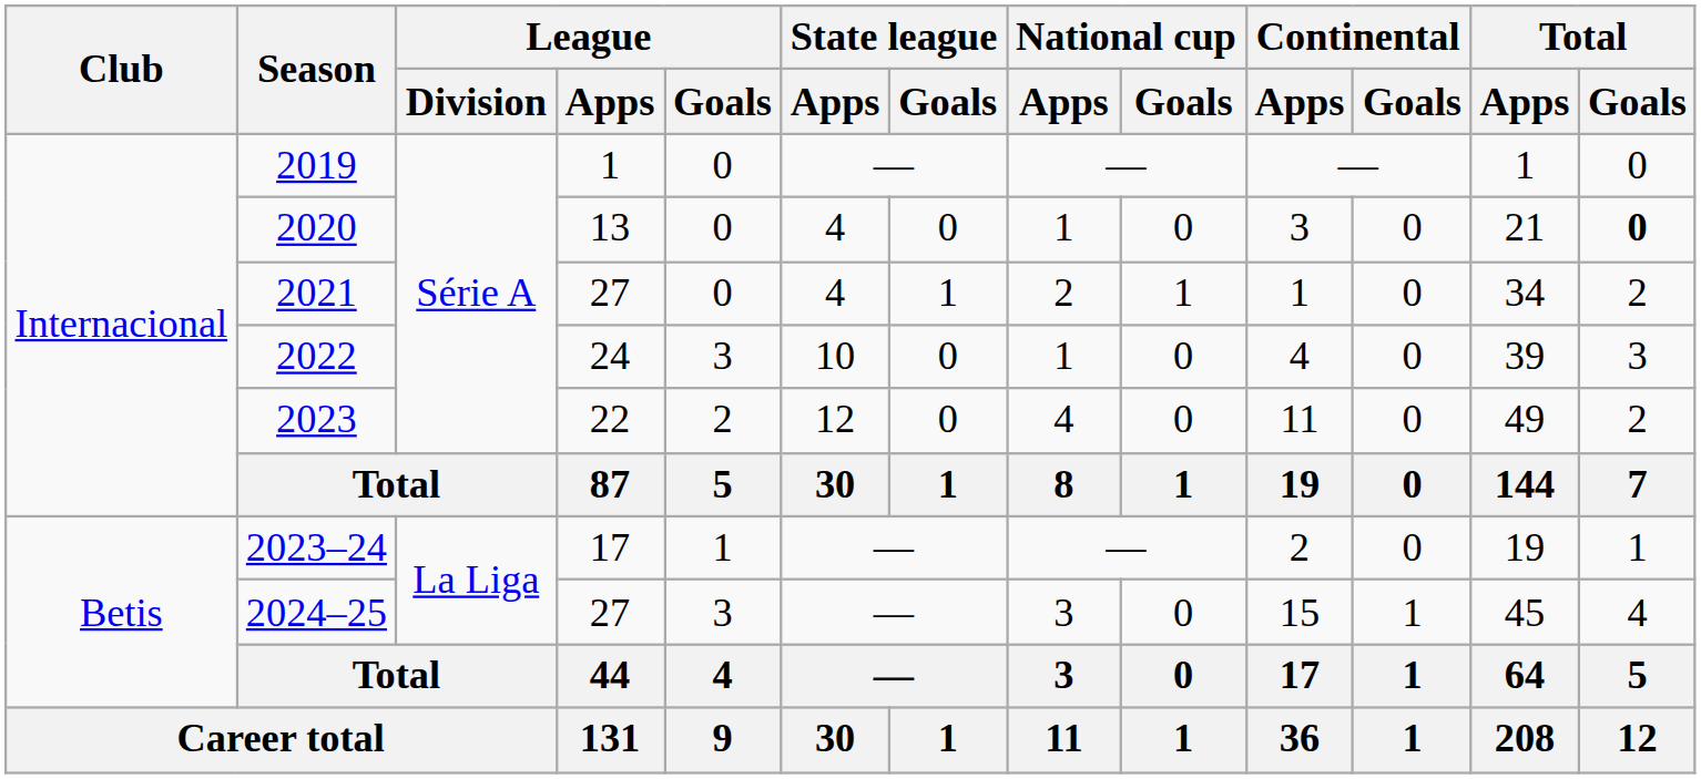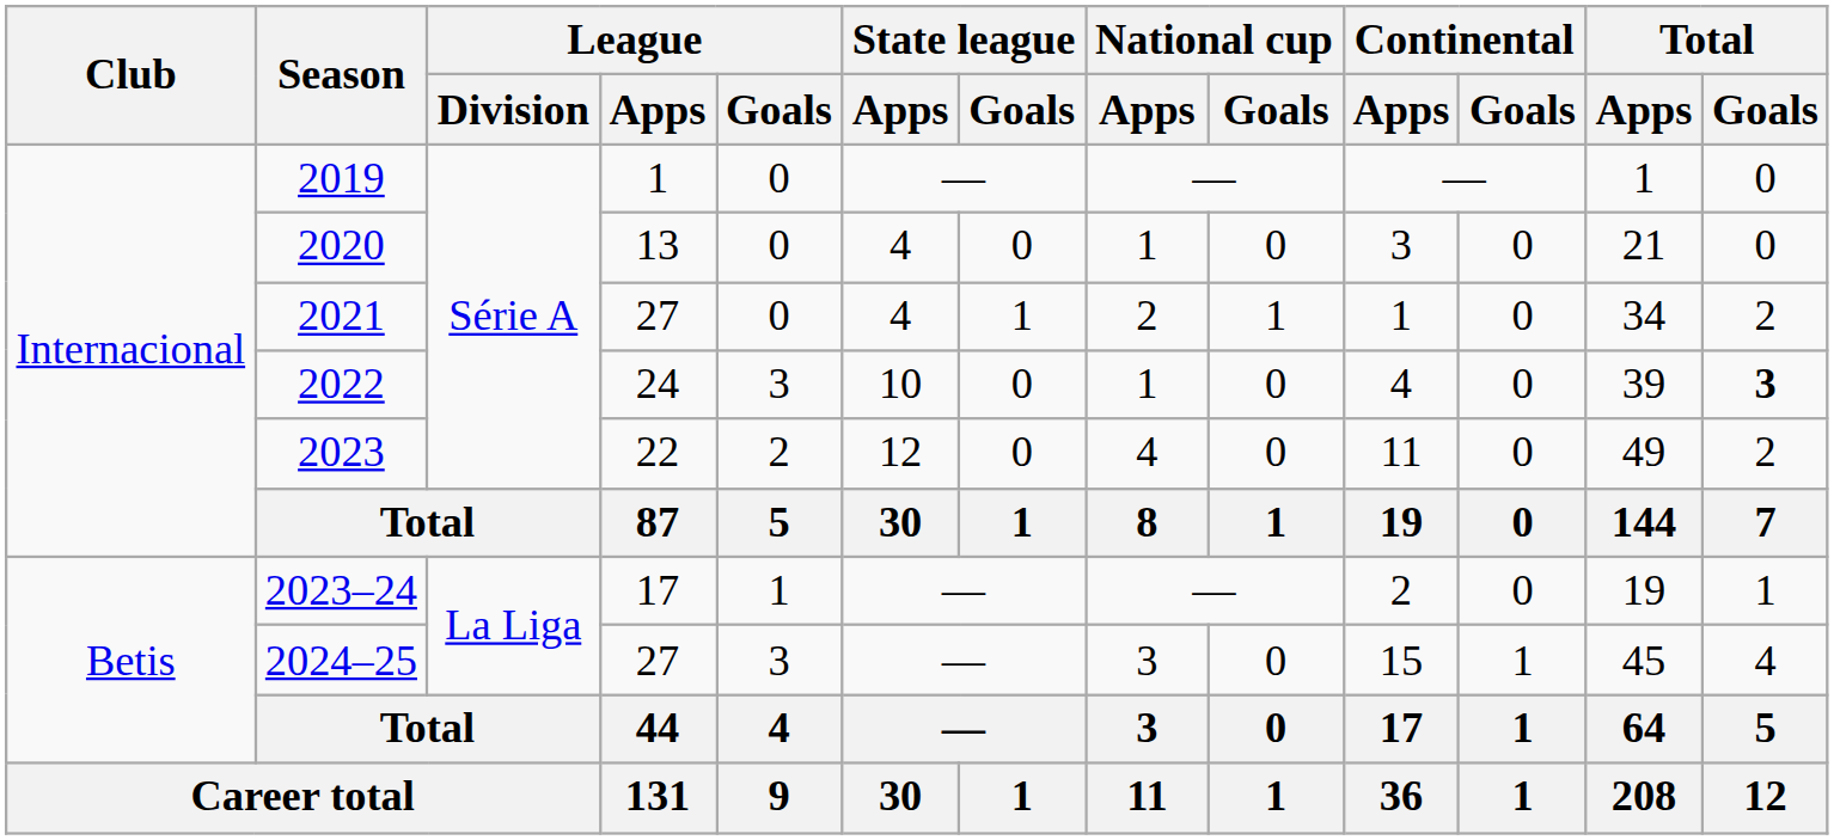 <table class="wikitable" style="text-align: center;">
 <tr>
 <th rowspan="2">Club</th>
 <th rowspan="2">Season</th>
 <th colspan="3">League</th>
 <th colspan="2">State league</th>
 <th colspan="2">National cup</th>
 <th colspan="2">Continental</th>
 <th colspan="2">Total</th>
 </tr>
 <tr>
 <th>Division</th>
 <th>Apps</th>
 <th>Goals</th>
 <th>Apps</th>
 <th>Goals</th>
 <th>Apps</th>
 <th>Goals</th>
 <th>Apps</th>
 <th>Goals</th>
 <th>Apps</th>
 <th>Goals</th>
 </tr>
 <tr>
 <td rowspan="6" align="center"><a href='#'>Internacional</a></td>
 <td><a href='#'>2019</a></td>
 <td rowspan="5"><a href='#'>Série A</a></td>
 <td>1</td>
 <td>0</td>
 <td colspan="2">—</td>
 <td colspan="2">—</td>
 <td colspan="2">—</td>
 <td>1</td>
 <td>0</td>
 </tr>
 <tr>
 <td><a href='#'>2020</a></td>
 <td>13</td>
 <td>0</td>
 <td>4</td>
 <td>0</td>
 <td>1</td>
 <td>0</td>
 <td>3</td>
 <td>0</td>
 <td>21</td>
-<td><strong>0</strong></td>
+<td>0</td>
 </tr>
 <tr>
 <td><a href='#'>2021</a></td>
 <td>27</td>
 <td>0</td>
 <td>4</td>
 <td>1</td>
 <td>2</td>
 <td>1</td>
 <td>1</td>
 <td>0</td>
 <td>34</td>
 <td>2</td>
 </tr>
 <tr>
 <td><a href='#'>2022</a></td>
 <td>24</td>
 <td>3</td>
 <td>10</td>
 <td>0</td>
 <td>1</td>
 <td>0</td>
 <td>4</td>
 <td>0</td>
 <td>39</td>
-<td>3</td>
+<td><strong>3</strong></td>
 </tr>
 <tr>
 <td><a href='#'>2023</a></td>
 <td>22</td>
 <td>2</td>
 <td>12</td>
 <td>0</td>
 <td>4</td>
 <td>0</td>
 <td>11</td>
 <td>0</td>
 <td>49</td>
 <td>2</td>
 </tr>
 <tr>
 <th colspan="2">Total</th>
 <th>87</th>
 <th>5</th>
 <th>30</th>
 <th>1</th>
 <th>8</th>
 <th>1</th>
 <th>19</th>
 <th>0</th>
 <th>144</th>
 <th>7</th>
 </tr>
 <tr>
 <td rowspan="3"><a href='#'>Betis</a></td>
 <td><a href='#'>2023–24</a></td>
 <td rowspan="2"><a href='#'>La Liga</a></td>
 <td>17</td>
 <td>1</td>
 <td colspan="2">—</td>
 <td colspan="2">—</td>
 <td>2</td>
 <td>0</td>
 <td>19</td>
 <td>1</td>
 </tr>
 <tr>
 <td><a href='#'>2024–25</a></td>
 <td>27</td>
 <td>3</td>
 <td colspan="2">—</td>
 <td>3</td>
 <td>0</td>
 <td>15</td>
 <td>1</td>
 <td>45</td>
 <td>4</td>
 </tr>
 <tr>
 <th colspan="2">Total</th>
 <th>44</th>
 <th>4</th>
 <th colspan="2">—</th>
 <th>3</th>
 <th>0</th>
 <th>17</th>
 <th>1</th>
 <th>64</th>
 <th>5</th>
 </tr>
 <tr>
 <th colspan="3">Career total</th>
 <th>131</th>
 <th>9</th>
 <th>30</th>
 <th>1</th>
 <th>11</th>
 <th>1</th>
 <th>36</th>
 <th>1</th>
 <th>208</th>
 <th>12</th>
 </tr>
 </table>
